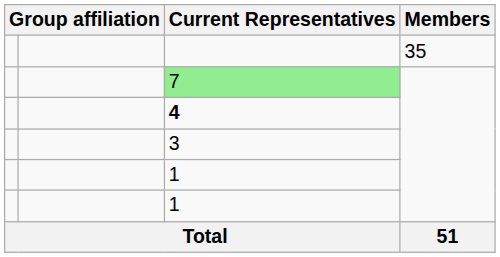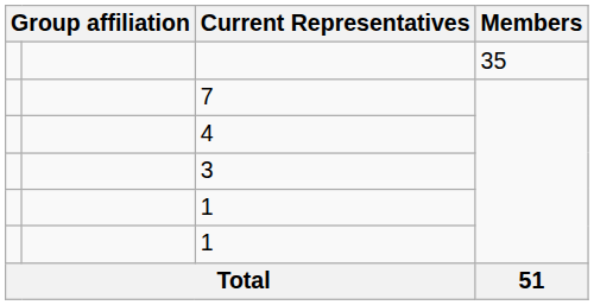 <table class="wikitable">
 <tr>
 <th colspan="2">Group affiliation</th>
 <th valign="top">Current Representatives</th>
 <th valign="top">Members</th>
 </tr>
 <tr>
 <td style="width: 4px" bgcolor=></td>
 <td style="text-align: left;" scope="row"><strong><a href='#'></a></strong></td>
 <td></td>
 <td>35</td>
 </tr>
 <tr>
 <td></td>
 <td></td>
-<td style="background: lightgreen;">7</td>
+<td>7</td>
 </tr>
 <tr>
 <td></td>
 <td></td>
-<td><strong>4</strong></td>
+<td>4</td>
 </tr>
 <tr>
 <td></td>
 <td></td>
 <td>3</td>
 </tr>
 <tr>
 <td></td>
 <td></td>
 <td>1</td>
 </tr>
 <tr>
 <td></td>
 <td></td>
 <td>1</td>
 </tr>
 <tr>
 <th colspan="3"> Total<br></th>
 <th>51</th>
 </tr>
 </table>
